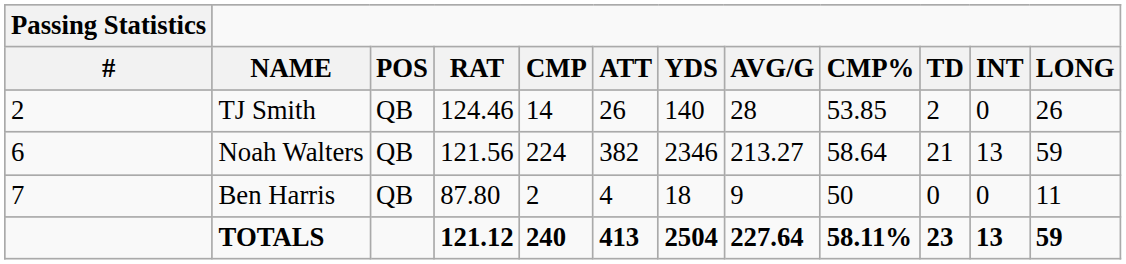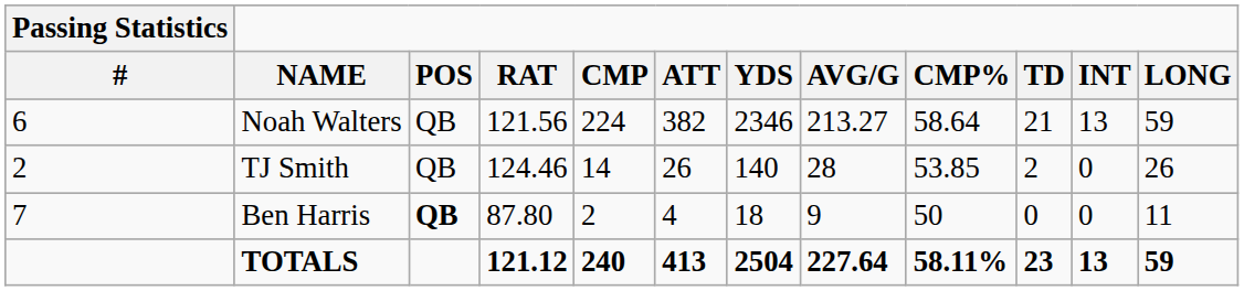 <table class="wikitable">
 <tr>
 <th style="text-align:center; ">Passing Statistics</th>
 </tr>
 <tr>
 <th>#</th>
 <th>NAME</th>
 <th>POS</th>
 <th>RAT</th>
 <th>CMP</th>
 <th>ATT</th>
 <th>YDS</th>
 <th>AVG/G</th>
 <th>CMP%</th>
 <th>TD</th>
 <th>INT</th>
 <th>LONG</th>
 </tr>
 <tr>
+<td>6</td>
+<td>Noah Walters</td>
+<td>QB</td>
+<td>121.56</td>
+<td>224</td>
+<td>382</td>
+<td>2346</td>
+<td>213.27</td>
+<td>58.64</td>
+<td>21</td>
+<td>13</td>
+<td>59</td>
+</tr>
+<tr>
 <td>2</td>
 <td>TJ Smith</td>
 <td>QB</td>
 <td>124.46</td>
 <td>14</td>
 <td>26</td>
 <td>140</td>
 <td>28</td>
 <td>53.85</td>
 <td>2</td>
 <td>0</td>
 <td>26</td>
 </tr>
 <tr>
-<td>6</td>
-<td>Noah Walters</td>
-<td>QB</td>
-<td>121.56</td>
-<td>224</td>
-<td>382</td>
-<td>2346</td>
-<td>213.27</td>
-<td>58.64</td>
-<td>21</td>
-<td>13</td>
-<td>59</td>
-</tr>
-<tr>
 <td>7</td>
 <td>Ben Harris</td>
-<td>QB</td>
+<td><strong>QB</strong></td>
 <td>87.80</td>
 <td>2</td>
 <td>4</td>
 <td>18</td>
 <td>9</td>
 <td>50</td>
 <td>0</td>
 <td>0</td>
 <td>11</td>
 </tr>
 <tr>
 <td></td>
 <td><strong>TOTALS</strong></td>
 <td></td>
 <td><strong>121.12</strong></td>
 <td><strong>240</strong></td>
 <td><strong>413</strong></td>
 <td><strong>2504</strong></td>
 <td><strong>227.64</strong></td>
 <td><strong>58.11%</strong></td>
 <td><strong>23</strong></td>
 <td><strong>13</strong></td>
 <td><strong>59</strong></td>
 </tr>
 </table>
